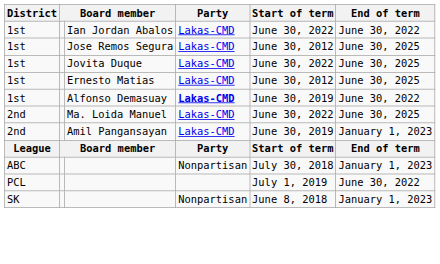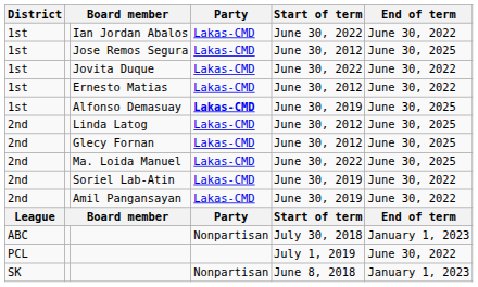 <table class="wikitable">
 <tr>
 <th>District</th>
 <th colspan="2">Board member</th>
 <th>Party</th>
 <th>Start of term</th>
 <th>End of term</th>
 </tr>
 <tr>
 <td>1st</td>
 <td></td>
 <td>Ian Jordan Abalos</td>
 <td><a href='#'>Lakas-CMD</a></td>
 <td>June 30, 2022</td>
 <td>June 30, 2022</td>
 </tr>
 <tr>
 <td>1st</td>
 <td></td>
 <td>Jose Remos Segura</td>
 <td><a href='#'>Lakas-CMD</a></td>
 <td>June 30, 2012</td>
 <td>June 30, 2025</td>
 </tr>
 <tr>
 <td>1st</td>
 <td></td>
 <td>Jovita Duque</td>
 <td><a href='#'>Lakas-CMD</a></td>
 <td>June 30, 2022</td>
-<td>June 30, 2025</td>
+<td>June 30, 2022</td>
 </tr>
 <tr>
 <td>1st</td>
 <td></td>
 <td>Ernesto Matias</td>
 <td><a href='#'>Lakas-CMD</a></td>
 <td>June 30, 2012</td>
-<td>June 30, 2025</td>
+<td>June 30, 2022</td>
 </tr>
 <tr>
 <td>1st</td>
 <td></td>
 <td>Alfonso Demasuay</td>
 <td><strong><a href='#'>Lakas-CMD</a></strong></td>
 <td>June 30, 2019</td>
-<td>June 30, 2022</td>
+<td>June 30, 2025</td>
+</tr>
+<tr>
+<td>2nd</td>
+<td></td>
+<td>Linda Latog</td>
+<td><a href='#'>Lakas-CMD</a></td>
+<td>June 30, 2012</td>
+<td>June 30, 2025</td>
+</tr>
+<tr>
+<td>2nd</td>
+<td></td>
+<td>Glecy Fornan</td>
+<td><a href='#'>Lakas-CMD</a></td>
+<td>June 30, 2012</td>
+<td>June 30, 2025</td>
 </tr>
 <tr>
 <td>2nd</td>
 <td></td>
 <td>Ma. Loida Manuel</td>
 <td><a href='#'>Lakas-CMD</a></td>
 <td>June 30, 2022</td>
 <td>June 30, 2025</td>
 </tr>
 <tr>
 <td>2nd</td>
 <td></td>
+<td>Soriel Lab-Atin</td>
+<td><a href='#'>Lakas-CMD</a></td>
+<td>June 30, 2019</td>
+<td>June 30, 2022</td>
+</tr>
+<tr>
+<td>2nd</td>
+<td></td>
 <td>Amil Pangansayan</td>
 <td><a href='#'>Lakas-CMD</a></td>
 <td>June 30, 2019</td>
-<td>January 1, 2023</td>
+<td>June 30, 2022</td>
 </tr>
 <tr>
 <th>League</th>
 <th colspan="2">Board member</th>
 <th>Party</th>
 <th>Start of term</th>
 <th>End of term</th>
 </tr>
 <tr>
 <td>ABC</td>
 <td></td>
 <td></td>
 <td>Nonpartisan</td>
 <td>July 30, 2018</td>
 <td>January 1, 2023</td>
 </tr>
 <tr>
 <td>PCL</td>
 <td></td>
 <td></td>
 <td></td>
 <td>July 1, 2019</td>
 <td>June 30, 2022</td>
 </tr>
 <tr>
 <td>SK</td>
 <td></td>
 <td></td>
 <td>Nonpartisan</td>
 <td>June 8, 2018</td>
 <td>January 1, 2023</td>
 </tr>
 </table>
